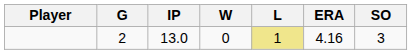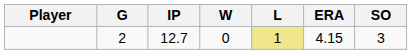 <table class="wikitable sortable">
 <tr>
 <th bgcolor="#DDDDFF" width="16%">Player</th>
 <th bgcolor="#DDDDFF" width="9%">G</th>
 <th bgcolor="#DDDDFF" width="9%">IP</th>
 <th bgcolor="#DDDDFF" width="9%">W</th>
 <th bgcolor="#DDDDFF" width="9%">L</th>
 <th bgcolor="#DDDDFF" width="9%">ERA</th>
 <th bgcolor="#DDDDFF" width="9%">SO</th>
 </tr>
 <tr align="center">
 <td></td>
 <td>2</td>
-<td>13.0</td>
+<td>12.7</td>
 <td>0</td>
 <td style="background: khaki;">1</td>
-<td>4.16</td>
+<td>4.15</td>
 <td>3</td>
 </tr>
 </table>
